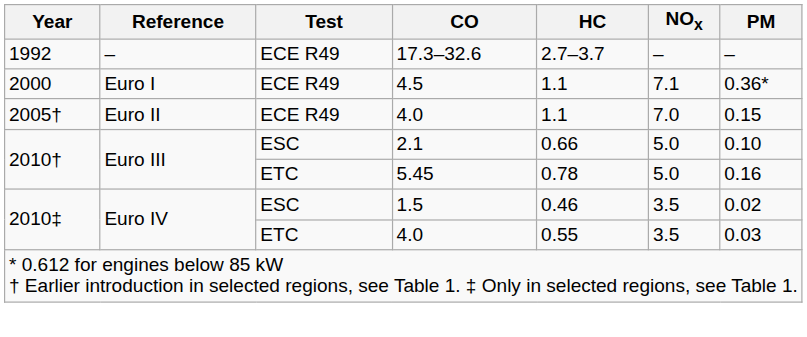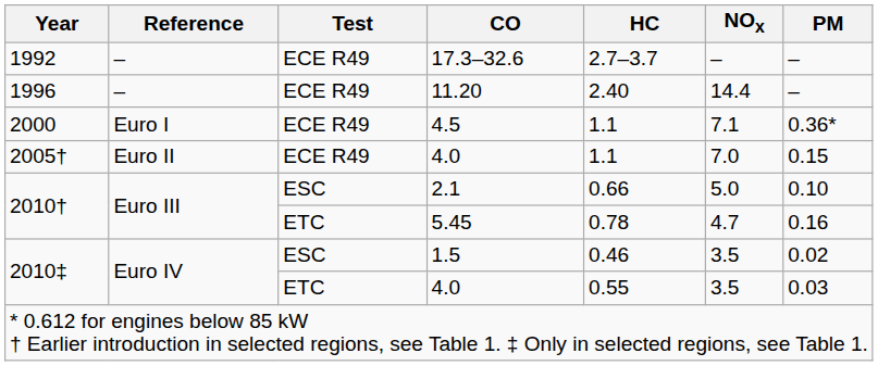 <table class="wikitable">
 <tr>
 <th>Year</th>
 <th>Reference</th>
 <th>Test</th>
 <th>CO</th>
 <th>HC</th>
 <th>NO<sub>x</sub></th>
 <th>PM</th>
 </tr>
 <tr>
 <td>1992</td>
 <td>–</td>
 <td>ECE R49</td>
 <td>17.3–32.6</td>
 <td>2.7–3.7</td>
 <td>–</td>
+<td>–</td>
+</tr>
+<tr>
+<td>1996</td>
+<td>–</td>
+<td>ECE R49</td>
+<td>11.20</td>
+<td>2.40</td>
+<td>14.4</td>
 <td>–</td>
 </tr>
 <tr>
 <td>2000</td>
 <td>Euro I</td>
 <td>ECE R49</td>
 <td>4.5</td>
 <td>1.1</td>
 <td>7.1</td>
 <td>0.36*</td>
 </tr>
 <tr>
 <td>2005†</td>
 <td>Euro II</td>
 <td>ECE R49</td>
 <td>4.0</td>
 <td>1.1</td>
 <td>7.0</td>
 <td>0.15</td>
 </tr>
 <tr>
 <td rowspan="2">2010†</td>
 <td rowspan="2">Euro III</td>
 <td>ESC</td>
 <td>2.1</td>
 <td>0.66</td>
 <td>5.0</td>
 <td>0.10</td>
 </tr>
 <tr>
 <td>ETC</td>
 <td>5.45</td>
 <td>0.78</td>
-<td>5.0</td>
+<td>4.7</td>
 <td>0.16</td>
 </tr>
 <tr>
 <td rowspan="2">2010‡</td>
 <td rowspan="2">Euro IV</td>
 <td>ESC</td>
 <td>1.5</td>
 <td>0.46</td>
 <td>3.5</td>
 <td>0.02</td>
 </tr>
 <tr>
 <td>ETC</td>
 <td>4.0</td>
 <td>0.55</td>
 <td>3.5</td>
 <td>0.03</td>
 </tr>
 <tr>
 <td class="tNote" colspan="7">* 0.612 for engines below 85 kW<br>† Earlier introduction in selected regions, see Table 1. ‡ Only in selected regions, see Table 1.</td>
 </tr>
 </table>
